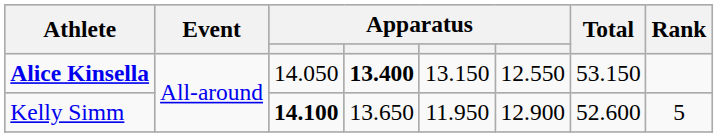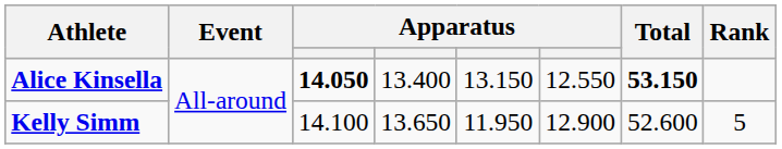 <table class=wikitable style=font-size:90%;text-align:center>
 <tr>
 <th rowspan=2>Athlete</th>
 <th rowspan=2>Event</th>
 <th colspan=4>Apparatus</th>
 <th rowspan=2>Total</th>
 <th rowspan=2>Rank</th>
 </tr>
 <tr style="font-size:95%">
 <th></th>
 <th></th>
 <th></th>
 <th></th>
 </tr>
 <tr>
 <td align=left><strong><a href='#'>Alice Kinsella</a></strong></td>
 <td align=left rowspan=2><a href='#'>All-around</a></td>
-<td>14.050</td>
-<td><strong>13.400</strong></td>
+<td><strong>14.050</strong></td>
+<td>13.400</td>
 <td>13.150</td>
 <td>12.550</td>
-<td>53.150</td>
+<td><strong>53.150</strong></td>
 <td></td>
 </tr>
 <tr>
-<td align=left><a href='#'>Kelly Simm</a></td>
-<td><strong>14.100</strong></td>
+<td align=left><strong><a href='#'>Kelly Simm</a></strong></td>
+<td>14.100</td>
 <td>13.650</td>
 <td>11.950</td>
 <td>12.900</td>
 <td>52.600</td>
 <td>5</td>
 </tr>
 </table>
